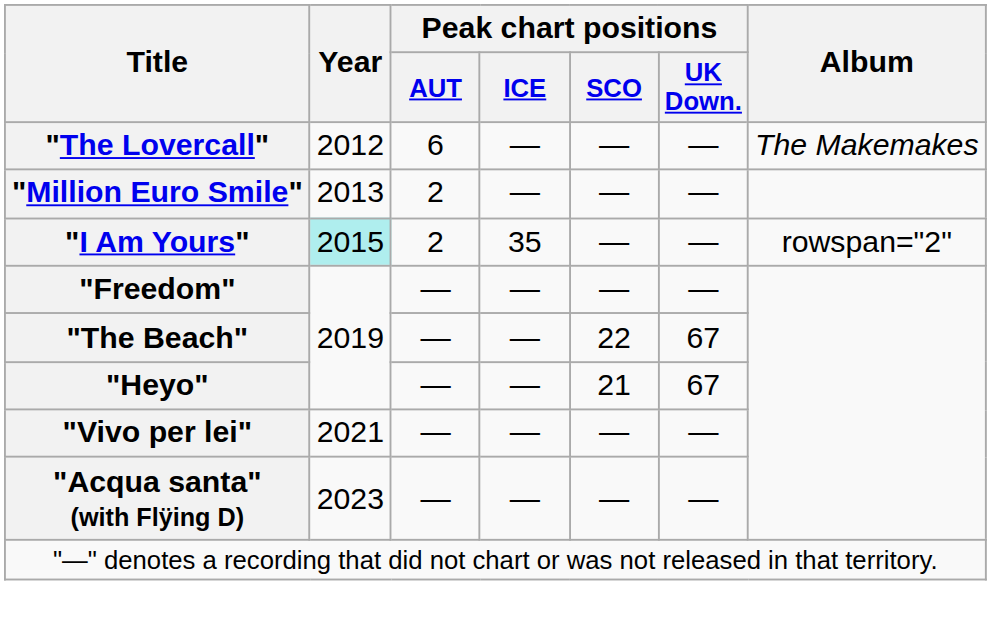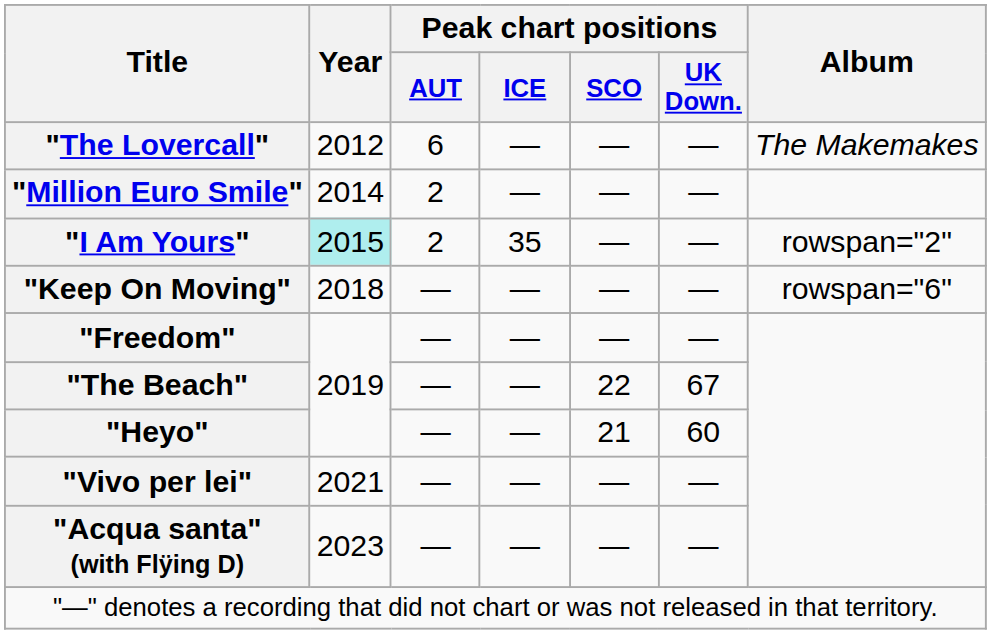 <table class="wikitable plainrowheaders" style="text-align:center;" border="1">
 <tr>
 <th scope="col" rowspan="2">Title</th>
 <th scope="col" rowspan="2">Year</th>
 <th scope="col" colspan="4">Peak chart positions</th>
 <th scope="col" rowspan="2">Album</th>
 </tr>
 <tr>
 <th scope="col" style="width:3em;font-size:85%;"><a href='#'>AUT</a><br></th>
 <th scope="col" style="width:3em;font-size:85%;"><a href='#'>ICE</a></th>
 <th scope="col" style="width:3em;font-size:85%;"><a href='#'>SCO</a><br></th>
 <th scope="col" style="width:3em;font-size:85%;"><a href='#'>UK<br>Down.</a><br></th>
 </tr>
 <tr>
 <th scope="row">"<a href='#'>The Lovercall</a>"</th>
 <td>2012</td>
 <td>6</td>
 <td>—</td>
 <td>—</td>
 <td>—</td>
 <td><em>The Makemakes</em></td>
 </tr>
 <tr>
 <th scope="row">"<a href='#'>Million Euro Smile</a>"</th>
-<td>2013</td>
+<td>2014</td>
 <td>2</td>
 <td>—</td>
 <td>—</td>
 <td>—</td>
 </tr>
 <tr>
 <th scope="row">"<a href='#'>I Am Yours</a>"</th>
 <td style="background: paleturquoise;">2015</td>
 <td>2</td>
 <td>35</td>
 <td>—</td>
 <td>—</td>
 <td>rowspan="2" </td>
+</tr>
+<tr>
+<th scope="row">"Keep On Moving"</th>
+<td>2018</td>
+<td>—</td>
+<td>—</td>
+<td>—</td>
+<td>—</td>
+<td>rowspan="6" </td>
 </tr>
 <tr>
 <th scope="row">"Freedom"</th>
 <td rowspan="3">2019</td>
 <td>—</td>
 <td>—</td>
 <td>—</td>
 <td>—</td>
 </tr>
 <tr>
 <th scope="row">"The Beach"</th>
 <td>—</td>
 <td>—</td>
 <td>22</td>
 <td>67</td>
 </tr>
 <tr>
 <th scope="row">"Heyo"</th>
 <td>—</td>
 <td>—</td>
 <td>21</td>
-<td>67</td>
+<td>60</td>
 </tr>
 <tr>
 <th scope="row">"Vivo per lei"</th>
 <td>2021</td>
 <td>—</td>
 <td>—</td>
 <td>—</td>
 <td>—</td>
 </tr>
 <tr>
 <th scope="row">"Acqua santa"<br><small>(with Flÿing D)</small></th>
 <td>2023</td>
 <td>—</td>
 <td>—</td>
 <td>—</td>
 <td>—</td>
 </tr>
 <tr>
 <td colspan="7" style="font-size:85%">"—" denotes a recording that did not chart or was not released in that territory.</td>
 </tr>
 </table>
